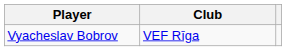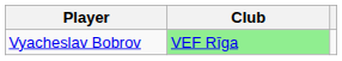 <table class="wikitable">
 <tr>
 <th width=160>Player</th>
 <th width=160>Club</th>
 <th></th>
 </tr>
 <tr>
 <td> <a href='#'>Vyacheslav Bobrov</a></td>
-<td> <a href='#'>VEF Rīga</a></td>
+<td style="background: lightgreen;"> <a href='#'>VEF Rīga</a></td>
 </tr>
 </table>
